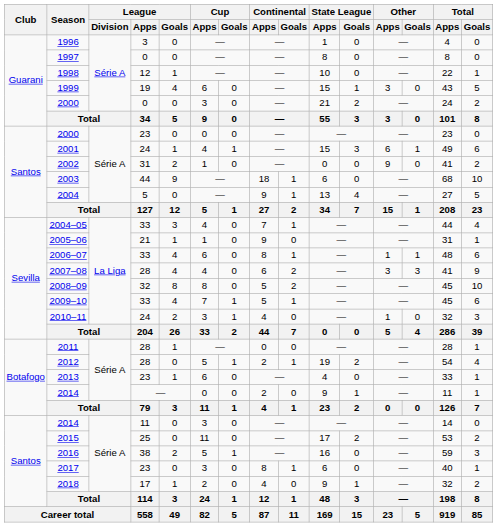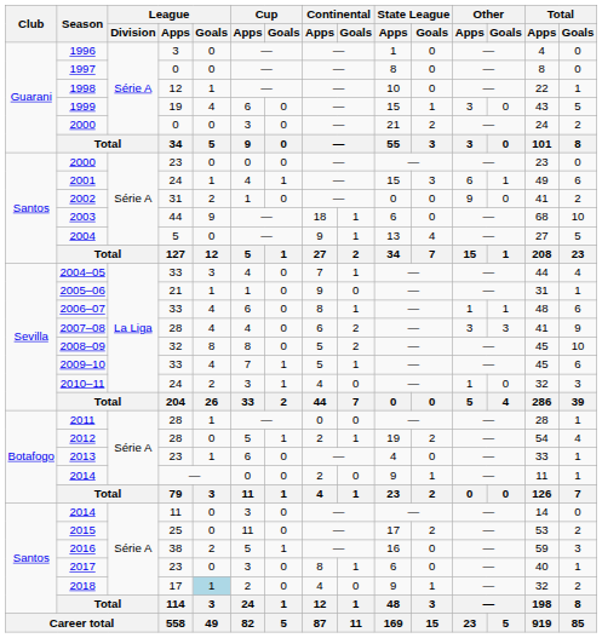 <table class="wikitable" style="text-align:center">
 <tr>
 <th rowspan="2">Club</th>
 <th rowspan="2">Season</th>
 <th colspan="3">League</th>
 <th colspan="2">Cup</th>
 <th colspan="2">Continental</th>
 <th colspan="2">State League</th>
 <th colspan="2">Other</th>
 <th colspan="2">Total</th>
 </tr>
 <tr>
 <th>Division</th>
 <th>Apps</th>
 <th>Goals</th>
 <th>Apps</th>
 <th>Goals</th>
 <th>Apps</th>
 <th>Goals</th>
 <th>Apps</th>
 <th>Goals</th>
 <th>Apps</th>
 <th>Goals</th>
 <th>Apps</th>
 <th>Goals</th>
 </tr>
 <tr>
 <td rowspan="6"><a href='#'>Guarani</a></td>
 <td><a href='#'>1996</a></td>
 <td rowspan="5"><a href='#'>Série A</a></td>
 <td>3</td>
 <td>0</td>
 <td colspan="2">—</td>
 <td colspan="2">—</td>
 <td>1</td>
 <td>0</td>
 <td colspan="2">—</td>
 <td>4</td>
 <td>0</td>
 </tr>
 <tr>
 <td><a href='#'>1997</a></td>
 <td>0</td>
 <td>0</td>
 <td colspan="2">—</td>
 <td colspan="2">—</td>
 <td>8</td>
 <td>0</td>
 <td colspan="2">—</td>
 <td>8</td>
 <td>0</td>
 </tr>
 <tr>
 <td><a href='#'>1998</a></td>
 <td>12</td>
 <td>1</td>
 <td colspan="2">—</td>
 <td colspan="2">—</td>
 <td>10</td>
 <td>0</td>
 <td colspan="2">—</td>
 <td>22</td>
 <td>1</td>
 </tr>
 <tr>
 <td><a href='#'>1999</a></td>
 <td>19</td>
 <td>4</td>
 <td>6</td>
 <td>0</td>
 <td colspan="2">—</td>
 <td>15</td>
 <td>1</td>
 <td>3</td>
 <td>0</td>
 <td>43</td>
 <td>5</td>
 </tr>
 <tr>
 <td><a href='#'>2000</a></td>
 <td>0</td>
 <td>0</td>
 <td>3</td>
 <td>0</td>
 <td colspan="2">—</td>
 <td>21</td>
 <td>2</td>
 <td colspan="2">—</td>
 <td>24</td>
 <td>2</td>
 </tr>
 <tr>
 <th colspan="2">Total</th>
 <th>34</th>
 <th>5</th>
 <th>9</th>
 <th>0</th>
 <th colspan="2">—</th>
 <th>55</th>
 <th>3</th>
 <th>3</th>
 <th>0</th>
 <th>101</th>
 <th>8</th>
 </tr>
 <tr>
 <td rowspan="6"><a href='#'>Santos</a></td>
 <td><a href='#'>2000</a></td>
 <td rowspan="5">Série A</td>
 <td>23</td>
 <td>0</td>
 <td>0</td>
 <td>0</td>
 <td colspan="2">—</td>
 <td colspan="2">—</td>
 <td colspan="2">—</td>
 <td>23</td>
 <td>0</td>
 </tr>
 <tr>
 <td><a href='#'>2001</a></td>
 <td>24</td>
 <td>1</td>
 <td>4</td>
 <td>1</td>
 <td colspan="2">—</td>
 <td>15</td>
 <td>3</td>
 <td>6</td>
 <td>1</td>
 <td>49</td>
 <td>6</td>
 </tr>
 <tr>
 <td><a href='#'>2002</a></td>
 <td>31</td>
 <td>2</td>
 <td>1</td>
 <td>0</td>
 <td colspan="2">—</td>
 <td>0</td>
 <td>0</td>
 <td>9</td>
 <td>0</td>
 <td>41</td>
 <td>2</td>
 </tr>
 <tr>
 <td><a href='#'>2003</a></td>
 <td>44</td>
 <td>9</td>
 <td colspan="2">—</td>
 <td>18</td>
 <td>1</td>
 <td>6</td>
 <td>0</td>
 <td colspan="2">—</td>
 <td>68</td>
 <td>10</td>
 </tr>
 <tr>
 <td><a href='#'>2004</a></td>
 <td>5</td>
 <td>0</td>
 <td colspan="2">—</td>
 <td>9</td>
 <td>1</td>
 <td>13</td>
 <td>4</td>
 <td colspan="2">—</td>
 <td>27</td>
 <td>5</td>
 </tr>
 <tr>
 <th colspan="2">Total</th>
 <th>127</th>
 <th>12</th>
 <th>5</th>
 <th>1</th>
 <th>27</th>
 <th>2</th>
 <th>34</th>
 <th>7</th>
 <th>15</th>
 <th>1</th>
 <th>208</th>
 <th>23</th>
 </tr>
 <tr>
 <td rowspan="8"><a href='#'>Sevilla</a></td>
 <td><a href='#'>2004–05</a></td>
 <td rowspan="7"><a href='#'>La Liga</a></td>
 <td>33</td>
 <td>3</td>
 <td>4</td>
 <td>0</td>
 <td>7</td>
 <td>1</td>
 <td colspan="2">—</td>
 <td colspan="2">—</td>
 <td>44</td>
 <td>4</td>
 </tr>
 <tr>
 <td><a href='#'>2005–06</a></td>
 <td>21</td>
 <td>1</td>
 <td>1</td>
 <td>0</td>
 <td>9</td>
 <td>0</td>
 <td colspan="2">—</td>
 <td colspan="2">—</td>
 <td>31</td>
 <td>1</td>
 </tr>
 <tr>
 <td><a href='#'>2006–07</a></td>
 <td>33</td>
 <td>4</td>
 <td>6</td>
 <td>0</td>
 <td>8</td>
 <td>1</td>
 <td colspan="2">—</td>
 <td>1</td>
 <td>1</td>
 <td>48</td>
 <td>6</td>
 </tr>
 <tr>
 <td><a href='#'>2007–08</a></td>
 <td>28</td>
 <td>4</td>
 <td>4</td>
 <td>0</td>
 <td>6</td>
 <td>2</td>
 <td colspan="2">—</td>
 <td>3</td>
 <td>3</td>
 <td>41</td>
 <td>9</td>
 </tr>
 <tr>
 <td><a href='#'>2008–09</a></td>
 <td>32</td>
 <td>8</td>
 <td>8</td>
 <td>0</td>
 <td>5</td>
 <td>2</td>
 <td colspan="2">—</td>
 <td colspan="2">—</td>
 <td>45</td>
 <td>10</td>
 </tr>
 <tr>
 <td><a href='#'>2009–10</a></td>
 <td>33</td>
 <td>4</td>
 <td>7</td>
 <td>1</td>
 <td>5</td>
 <td>1</td>
 <td colspan="2">—</td>
 <td colspan="2">—</td>
 <td>45</td>
 <td>6</td>
 </tr>
 <tr>
 <td><a href='#'>2010–11</a></td>
 <td>24</td>
 <td>2</td>
 <td>3</td>
 <td>1</td>
 <td>4</td>
 <td>0</td>
 <td colspan="2">—</td>
 <td>1</td>
 <td>0</td>
 <td>32</td>
 <td>3</td>
 </tr>
 <tr>
 <th colspan="2">Total</th>
 <th>204</th>
 <th>26</th>
 <th>33</th>
 <th>2</th>
 <th>44</th>
 <th>7</th>
 <th>0</th>
 <th>0</th>
 <th>5</th>
 <th>4</th>
 <th>286</th>
 <th>39</th>
 </tr>
 <tr>
 <td rowspan="5"><a href='#'>Botafogo</a></td>
 <td><a href='#'>2011</a></td>
 <td rowspan="4">Série A</td>
 <td>28</td>
 <td>1</td>
 <td colspan="2">—</td>
 <td>0</td>
 <td>0</td>
 <td colspan="2">—</td>
 <td colspan="2">—</td>
 <td>28</td>
 <td>1</td>
 </tr>
 <tr>
 <td><a href='#'>2012</a></td>
 <td>28</td>
 <td>0</td>
 <td>5</td>
 <td>1</td>
 <td>2</td>
 <td>1</td>
 <td>19</td>
 <td>2</td>
 <td colspan="2">—</td>
 <td>54</td>
 <td>4</td>
 </tr>
 <tr>
 <td><a href='#'>2013</a></td>
 <td>23</td>
 <td>1</td>
 <td>6</td>
 <td>0</td>
 <td colspan="2">—</td>
 <td>4</td>
 <td>0</td>
 <td colspan="2">—</td>
 <td>33</td>
 <td>1</td>
 </tr>
 <tr>
 <td><a href='#'>2014</a></td>
 <td colspan="2">—</td>
 <td>0</td>
 <td>0</td>
 <td>2</td>
 <td>0</td>
 <td>9</td>
 <td>1</td>
 <td colspan="2">—</td>
 <td>11</td>
 <td>1</td>
 </tr>
 <tr>
 <th colspan="2">Total</th>
 <th>79</th>
 <th>3</th>
 <th>11</th>
 <th>1</th>
 <th>4</th>
 <th>1</th>
 <th>23</th>
 <th>2</th>
 <th>0</th>
 <th>0</th>
 <th>126</th>
 <th>7</th>
 </tr>
 <tr>
 <td rowspan="6"><a href='#'>Santos</a></td>
 <td><a href='#'>2014</a></td>
 <td rowspan="5">Série A</td>
 <td>11</td>
 <td>0</td>
 <td>3</td>
 <td>0</td>
 <td colspan="2">—</td>
 <td colspan="2">—</td>
 <td colspan="2">—</td>
 <td>14</td>
 <td>0</td>
 </tr>
 <tr>
 <td><a href='#'>2015</a></td>
 <td>25</td>
 <td>0</td>
 <td>11</td>
 <td>0</td>
 <td colspan="2">—</td>
 <td>17</td>
 <td>2</td>
 <td colspan="2">—</td>
 <td>53</td>
 <td>2</td>
 </tr>
 <tr>
 <td><a href='#'>2016</a></td>
 <td>38</td>
 <td>2</td>
 <td>5</td>
 <td>1</td>
 <td colspan="2">—</td>
 <td>16</td>
 <td>0</td>
 <td colspan="2">—</td>
 <td>59</td>
 <td>3</td>
 </tr>
 <tr>
 <td><a href='#'>2017</a></td>
 <td>23</td>
 <td>0</td>
 <td>3</td>
 <td>0</td>
 <td>8</td>
 <td>1</td>
 <td>6</td>
 <td>0</td>
 <td colspan="2">—</td>
 <td>40</td>
 <td>1</td>
 </tr>
 <tr>
 <td><a href='#'>2018</a></td>
 <td>17</td>
-<td>1</td>
+<td style="background: lightblue;">1</td>
 <td>2</td>
 <td>0</td>
 <td>4</td>
 <td>0</td>
 <td>9</td>
 <td>1</td>
 <td colspan="2">—</td>
 <td>32</td>
 <td>2</td>
 </tr>
 <tr>
 <th colspan="2">Total</th>
 <th>114</th>
 <th>3</th>
 <th>24</th>
 <th>1</th>
 <th>12</th>
 <th>1</th>
 <th>48</th>
 <th>3</th>
 <th colspan="2">—</th>
 <th>198</th>
 <th>8</th>
 </tr>
 <tr>
 <th colspan="3">Career total</th>
 <th>558</th>
 <th>49</th>
 <th>82</th>
 <th>5</th>
 <th>87</th>
 <th>11</th>
 <th>169</th>
 <th>15</th>
 <th>23</th>
 <th>5</th>
 <th>919</th>
 <th>85</th>
 </tr>
 </table>
